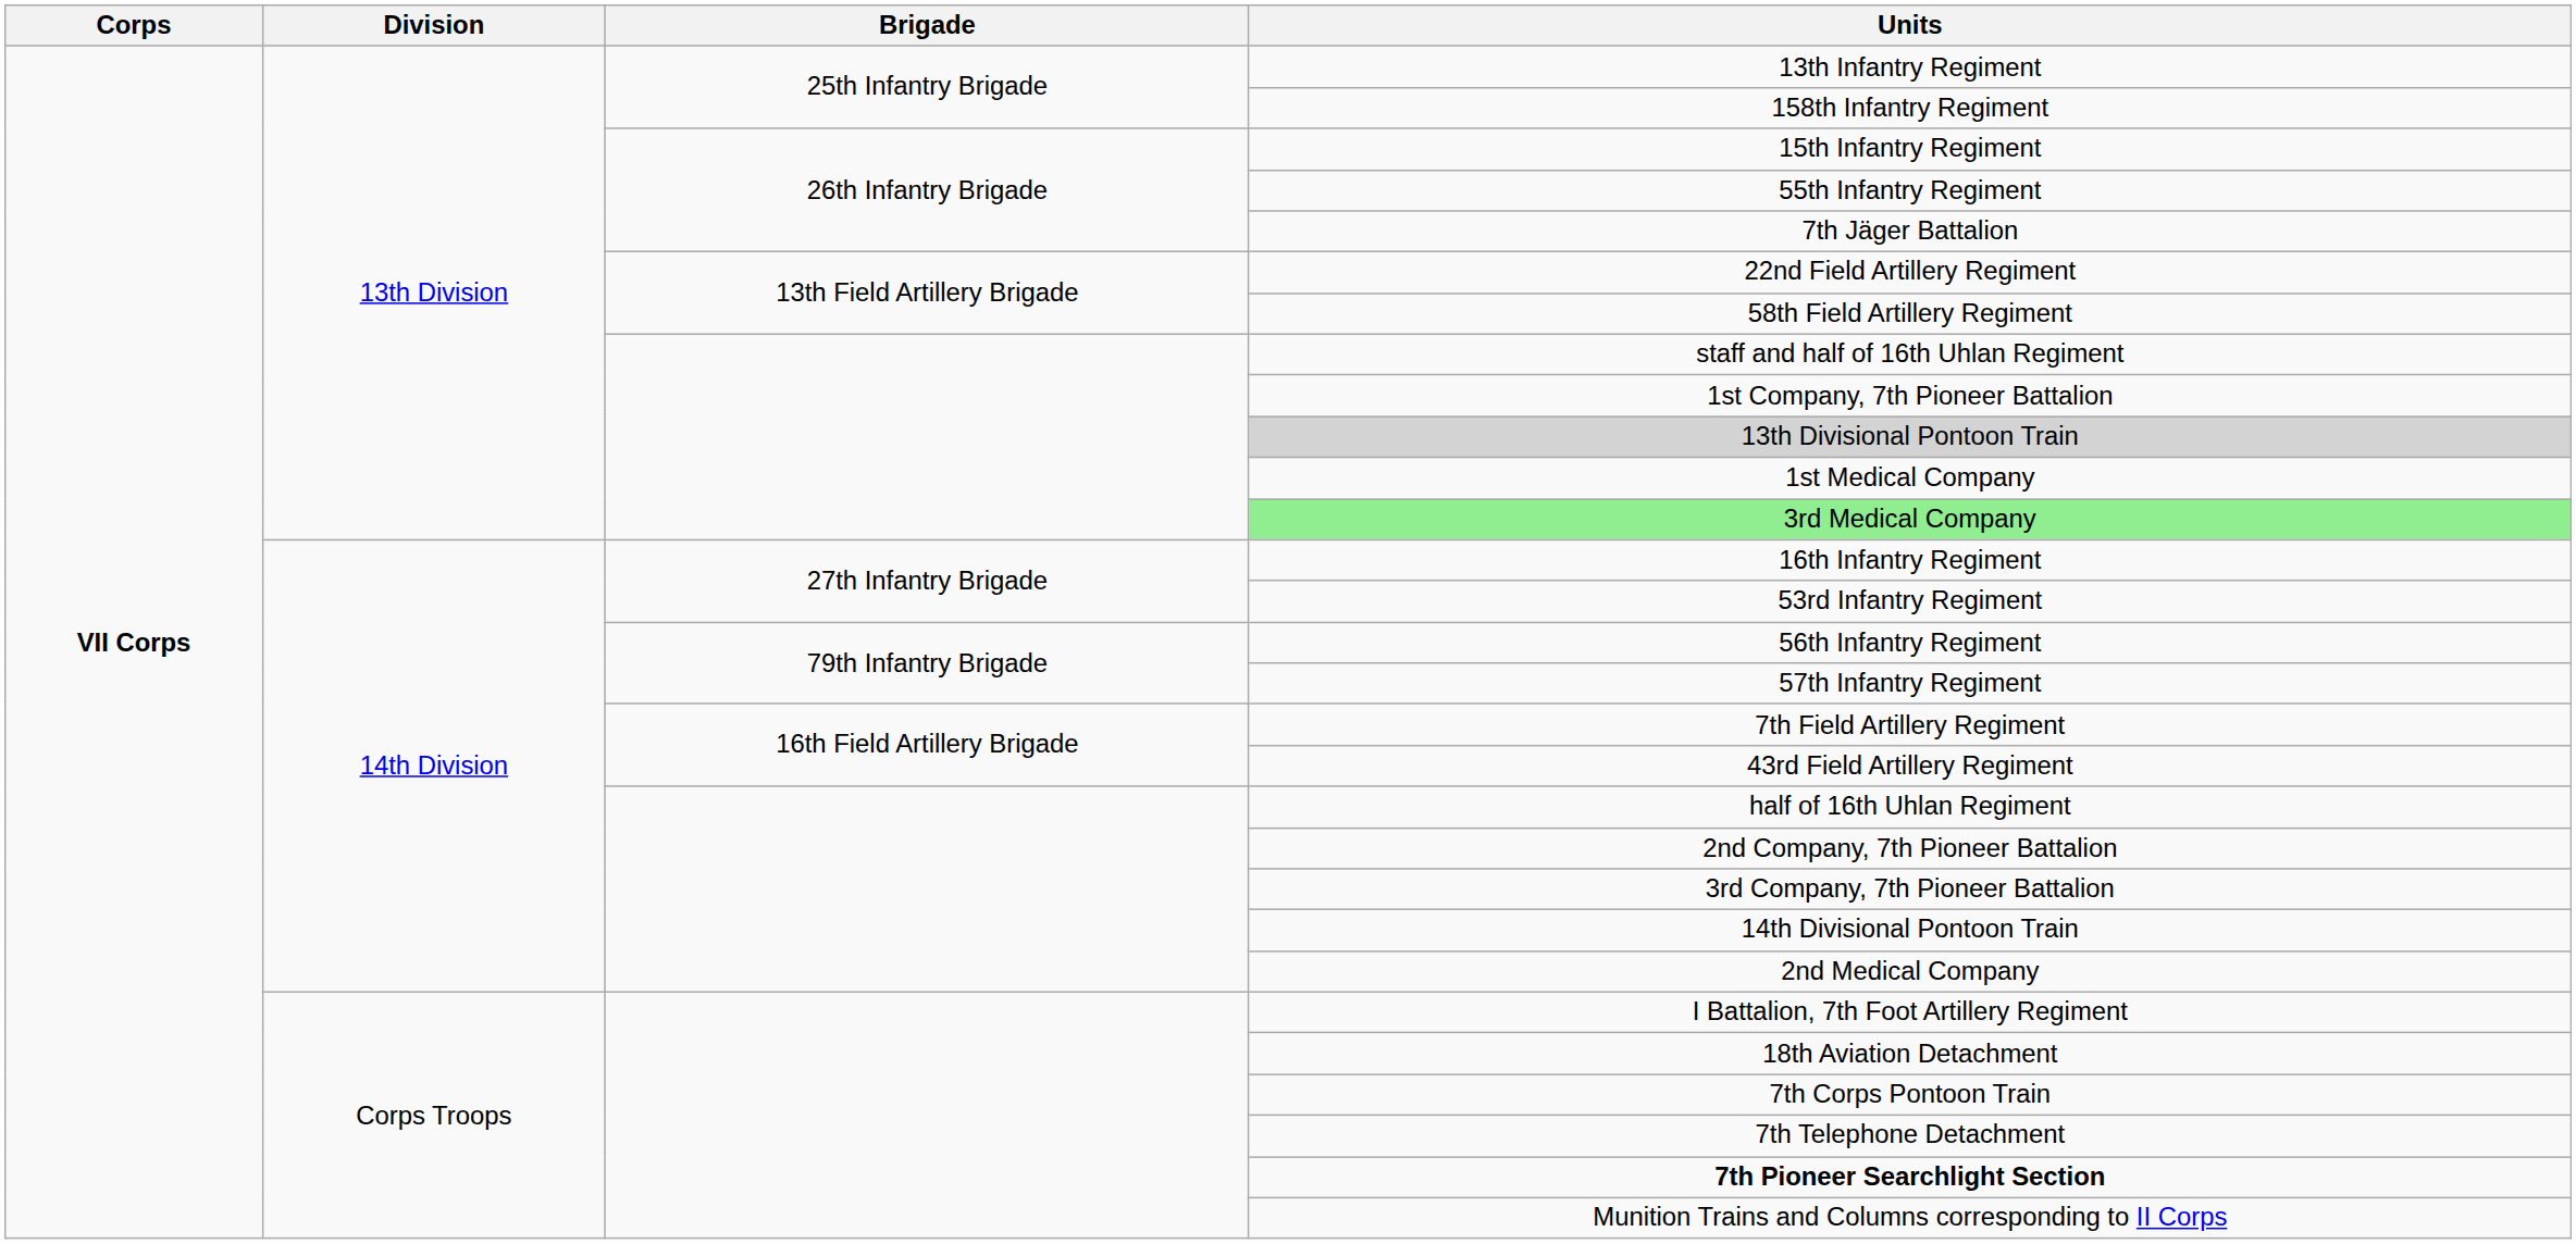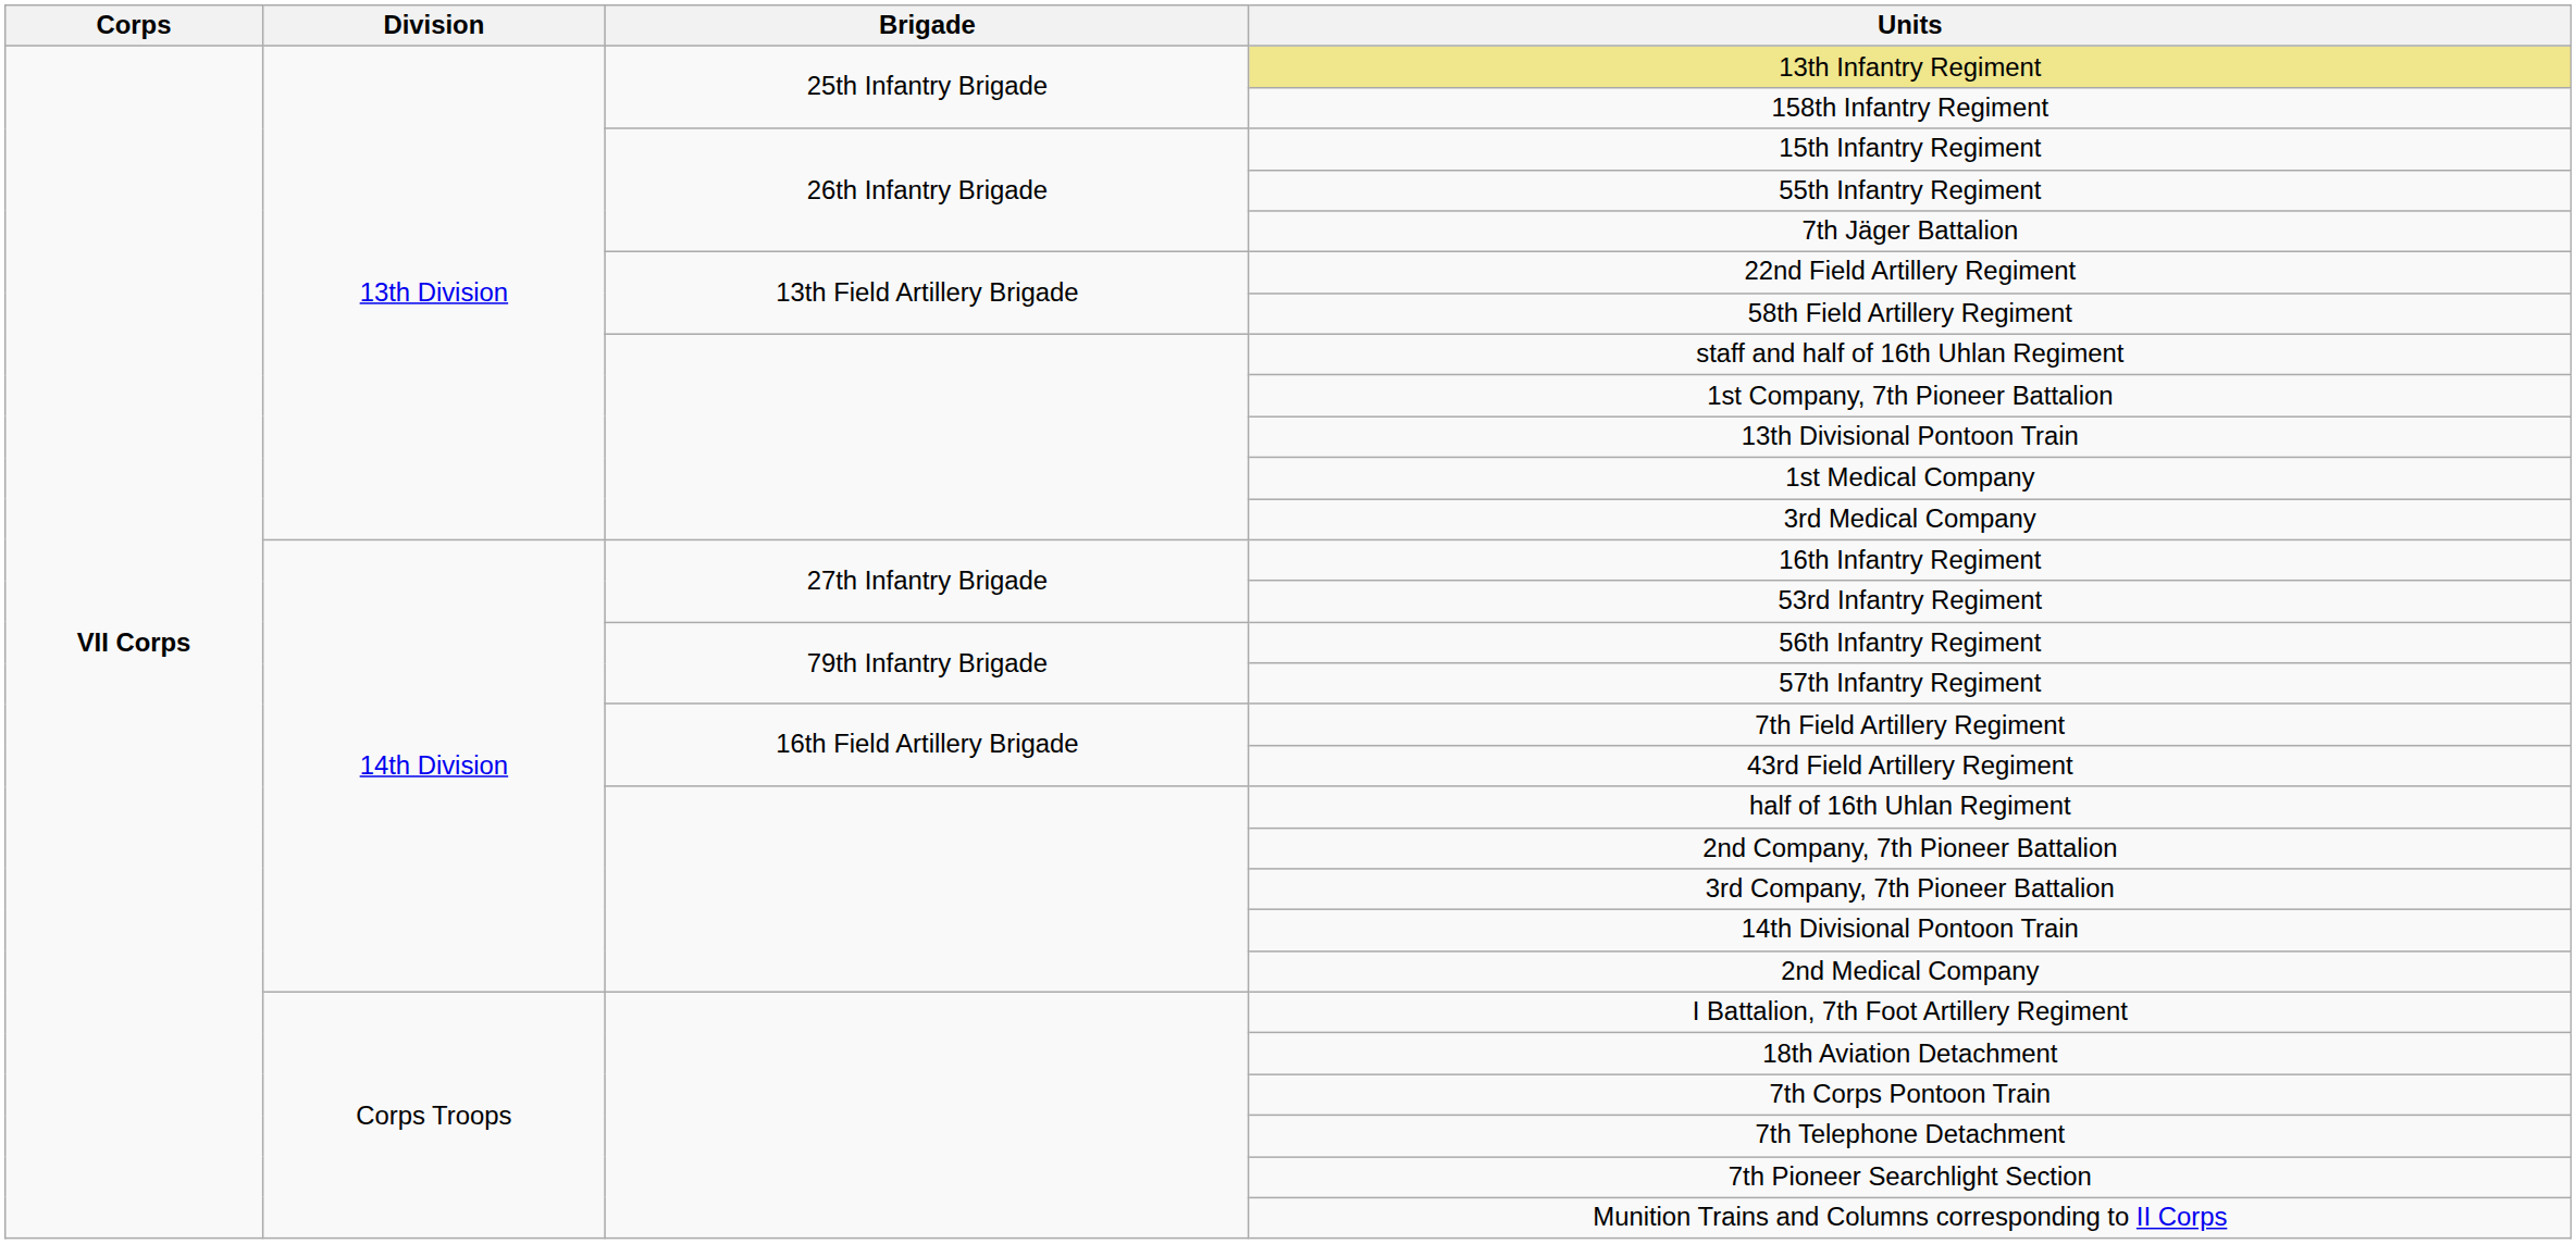 <table class="wikitable collapsible collapsed" style="text-align:center; width:100%;">
 <tr>
 <th>Corps</th>
 <th>Division</th>
 <th>Brigade</th>
 <th>Units</th>
 </tr>
 <tr>
 <td ROWSPAN=29><strong>VII Corps</strong></td>
 <td ROWSPAN=12><a href='#'>13th Division</a></td>
 <td ROWSPAN=2>25th Infantry Brigade</td>
-<td>13th Infantry Regiment</td>
+<td style="background: khaki;">13th Infantry Regiment</td>
 </tr>
 <tr>
 <td>158th Infantry Regiment</td>
 </tr>
 <tr>
 <td ROWSPAN=3>26th Infantry Brigade</td>
 <td>15th Infantry Regiment</td>
 </tr>
 <tr>
 <td>55th Infantry Regiment</td>
 </tr>
 <tr>
 <td>7th Jäger Battalion</td>
 </tr>
 <tr>
 <td ROWSPAN=2>13th Field Artillery Brigade</td>
 <td>22nd Field Artillery Regiment</td>
 </tr>
 <tr>
 <td>58th Field Artillery Regiment</td>
 </tr>
 <tr>
 <td ROWSPAN=5></td>
 <td>staff and half of 16th Uhlan Regiment</td>
 </tr>
 <tr>
 <td>1st Company, 7th Pioneer Battalion</td>
 </tr>
 <tr>
-<td style="background: lightgrey;">13th Divisional Pontoon Train</td>
+<td>13th Divisional Pontoon Train</td>
 </tr>
 <tr>
 <td>1st Medical Company</td>
 </tr>
 <tr>
-<td style="background: lightgreen;">3rd Medical Company</td>
+<td>3rd Medical Company</td>
 </tr>
 <tr>
 <td ROWSPAN=11><a href='#'>14th Division</a></td>
 <td ROWSPAN=2>27th Infantry Brigade</td>
 <td>16th Infantry Regiment</td>
 </tr>
 <tr>
 <td>53rd Infantry Regiment</td>
 </tr>
 <tr>
 <td ROWSPAN=2>79th Infantry Brigade</td>
 <td>56th Infantry Regiment</td>
 </tr>
 <tr>
 <td>57th Infantry Regiment</td>
 </tr>
 <tr>
 <td ROWSPAN=2>16th Field Artillery Brigade</td>
 <td>7th Field Artillery Regiment</td>
 </tr>
 <tr>
 <td>43rd Field Artillery Regiment</td>
 </tr>
 <tr>
 <td ROWSPAN=5></td>
 <td>half of 16th Uhlan Regiment</td>
 </tr>
 <tr>
 <td>2nd Company, 7th Pioneer Battalion</td>
 </tr>
 <tr>
 <td>3rd Company, 7th Pioneer Battalion</td>
 </tr>
 <tr>
 <td>14th Divisional Pontoon Train</td>
 </tr>
 <tr>
 <td>2nd Medical Company</td>
 </tr>
 <tr>
 <td ROWSPAN=6>Corps Troops</td>
 <td ROWSPAN=6></td>
 <td>I Battalion, 7th Foot Artillery Regiment</td>
 </tr>
 <tr>
 <td>18th Aviation Detachment</td>
 </tr>
 <tr>
 <td>7th Corps Pontoon Train</td>
 </tr>
 <tr>
 <td>7th Telephone Detachment</td>
 </tr>
 <tr>
-<td><strong>7th Pioneer Searchlight Section</strong></td>
+<td>7th Pioneer Searchlight Section</td>
 </tr>
 <tr>
 <td>Munition Trains and Columns corresponding to <a href='#'>II Corps</a></td>
 </tr>
 </table>
